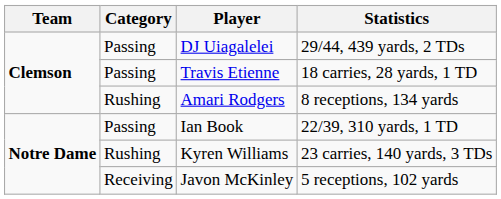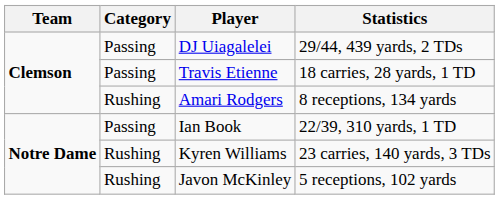 <table class="wikitable" style="float: left;">
 <tr>
 <th>Team</th>
 <th>Category</th>
 <th>Player</th>
 <th>Statistics</th>
 </tr>
 <tr>
 <td rowspan=3><strong>Clemson</strong></td>
 <td>Passing</td>
 <td><a href='#'>DJ Uiagalelei</a></td>
 <td>29/44, 439 yards, 2 TDs</td>
 </tr>
 <tr>
 <td>Passing</td>
 <td><a href='#'>Travis Etienne</a></td>
 <td>18 carries, 28 yards, 1 TD</td>
 </tr>
 <tr>
 <td>Rushing</td>
 <td><a href='#'>Amari Rodgers</a></td>
 <td>8 receptions, 134 yards</td>
 </tr>
 <tr>
 <td rowspan=3><strong>Notre Dame</strong></td>
 <td>Passing</td>
 <td>Ian Book</td>
 <td>22/39, 310 yards, 1 TD</td>
 </tr>
 <tr>
 <td>Rushing</td>
 <td>Kyren Williams</td>
 <td>23 carries, 140 yards, 3 TDs</td>
 </tr>
 <tr>
-<td>Receiving</td>
+<td>Rushing</td>
 <td>Javon McKinley</td>
 <td>5 receptions, 102 yards</td>
 </tr>
 </table>
